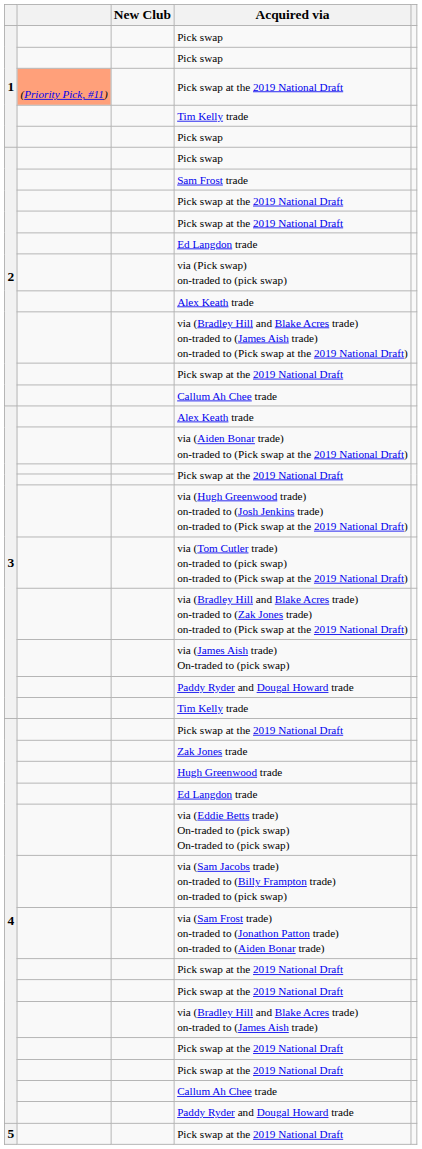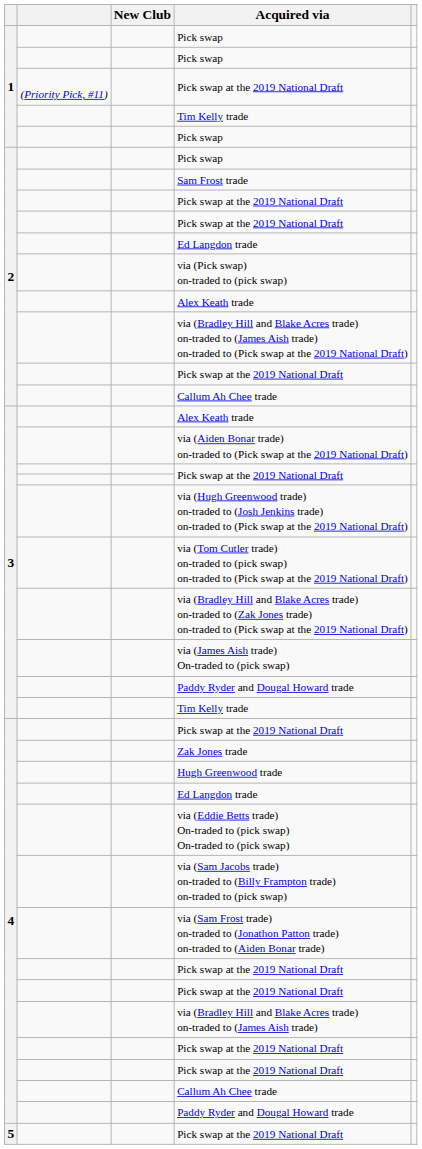 <table class="wikitable sortable plainrowheaders">
 <tr>
 <th scope="col"></th>
 <th scope="col"></th>
 <th scope="col">New Club</th>
 <th class="unsortable">Acquired via</th>
 <th class="unsortable"></th>
 </tr>
 <tr>
 <th scope="row" align=center rowspan=5>1</th>
 <td></td>
 <td></td>
 <td><small>Pick swap</small></td>
 <td align=center></td>
 </tr>
 <tr>
 <td></td>
 <td></td>
 <td><small>Pick swap</small></td>
 <td align=center></td>
 </tr>
 <tr>
-<td style="background: lightsalmon;"><br><small><em>(<a href='#'>Priority Pick, #11</a>)</em></small></td>
+<td><br><small><em>(<a href='#'>Priority Pick, #11</a>)</em></small></td>
 <td></td>
 <td><small>Pick swap at the <a href='#'>2019 National Draft</a></small></td>
 <td align=center></td>
 </tr>
 <tr>
 <td></td>
 <td></td>
 <td><small><a href='#'>Tim Kelly</a> trade</small></td>
 <td align=center></td>
 </tr>
 <tr>
 <td></td>
 <td></td>
 <td><small>Pick swap</small></td>
 <td align=center></td>
 </tr>
 <tr>
 <th scope="row" rowspan=10>2</th>
 <td></td>
 <td></td>
 <td><small>Pick swap</small></td>
 <td align=center></td>
 </tr>
 <tr>
 <td></td>
 <td></td>
 <td><small><a href='#'>Sam Frost</a> trade</small></td>
 <td align=center></td>
 </tr>
 <tr>
 <td></td>
 <td></td>
 <td><small>Pick swap at the <a href='#'>2019 National Draft</a></small></td>
 <td align=center></td>
 </tr>
 <tr>
 <td></td>
 <td></td>
 <td><small>Pick swap at the <a href='#'>2019 National Draft</a></small></td>
 <td align=center></td>
 </tr>
 <tr>
 <td></td>
 <td></td>
 <td><small><a href='#'>Ed Langdon</a> trade</small></td>
 <td align=center></td>
 </tr>
 <tr>
 <td></td>
 <td></td>
 <td><small>via  (Pick swap)<br>on-traded to  (pick swap)</small></td>
 <td align=center><br></td>
 </tr>
 <tr>
 <td></td>
 <td></td>
 <td><small><a href='#'>Alex Keath</a> trade</small></td>
 <td align=center></td>
 </tr>
 <tr>
 <td></td>
 <td></td>
 <td><small>via  (<a href='#'>Bradley Hill</a> and <a href='#'>Blake Acres</a> trade)<br>on-traded to  (<a href='#'>James Aish</a> trade)<br>on-traded to  (Pick swap at the <a href='#'>2019 National Draft</a>)</small></td>
 <td align=center><br></td>
 </tr>
 <tr>
 <td></td>
 <td></td>
 <td><small>Pick swap at the <a href='#'>2019 National Draft</a></small></td>
 <td align=center></td>
 </tr>
 <tr>
 <td></td>
 <td></td>
 <td><small><a href='#'>Callum Ah Chee</a> trade</small></td>
 <td align=center></td>
 </tr>
 <tr>
 <th rowspan=10 scope="row">3</th>
 <td></td>
 <td></td>
 <td><small><a href='#'>Alex Keath</a> trade</small></td>
 <td align=center></td>
 </tr>
 <tr>
 <td></td>
 <td></td>
 <td><small>via  (<a href='#'>Aiden Bonar</a> trade)<br>on-traded to  (Pick swap at the <a href='#'>2019 National Draft</a>)</small></td>
 <td align=center><br></td>
 </tr>
 <tr>
 <td></td>
 <td></td>
 <td rowspan=2><small>Pick swap at the <a href='#'>2019 National Draft</a></small></td>
 <td rowspan="2" style="text-align:center;"></td>
 </tr>
 <tr>
 <td></td>
 <td></td>
 </tr>
 <tr>
 <td></td>
 <td></td>
 <td><small>via  (<a href='#'>Hugh Greenwood</a> trade)<br>on-traded to  (<a href='#'>Josh Jenkins</a> trade)<br>on-traded to  (Pick swap at the <a href='#'>2019 National Draft</a>)</small></td>
 <td align=center><br><br></td>
 </tr>
 <tr>
 <td></td>
 <td></td>
 <td><small>via  (<a href='#'>Tom Cutler</a> trade)<br>on-traded to  (pick swap)<br>on-traded to  (Pick swap at the <a href='#'>2019 National Draft</a>)</small></td>
 <td align=center><br><br></td>
 </tr>
 <tr>
 <td></td>
 <td></td>
 <td><small>via  (<a href='#'>Bradley Hill</a> and <a href='#'>Blake Acres</a> trade)<br>on-traded to  (<a href='#'>Zak Jones</a> trade)<br>on-traded to  (Pick swap at the <a href='#'>2019 National Draft</a>)</small></td>
 <td align=center><br><br></td>
 </tr>
 <tr>
 <td></td>
 <td></td>
 <td><small>via  (<a href='#'>James Aish</a> trade)<br>On-traded to  (pick swap)</small></td>
 <td align=center><br></td>
 </tr>
 <tr>
 <td></td>
 <td></td>
 <td><small><a href='#'>Paddy Ryder</a> and <a href='#'>Dougal Howard</a> trade</small></td>
 <td align=center></td>
 </tr>
 <tr>
 <td></td>
 <td></td>
 <td><small><a href='#'>Tim Kelly</a> trade</small></td>
 <td align=center></td>
 </tr>
 <tr>
 <th rowspan=14 scope="row">4</th>
 <td></td>
 <td></td>
 <td><small>Pick swap at the <a href='#'>2019 National Draft</a></small></td>
 <td align=center></td>
 </tr>
 <tr>
 <td></td>
 <td></td>
 <td><small><a href='#'>Zak Jones</a> trade</small></td>
 <td align=center></td>
 </tr>
 <tr>
 <td></td>
 <td></td>
 <td><small><a href='#'>Hugh Greenwood</a> trade</small></td>
 <td align=center></td>
 </tr>
 <tr>
 <td></td>
 <td></td>
 <td><small><a href='#'>Ed Langdon</a> trade</small></td>
 <td align=center></td>
 </tr>
 <tr>
 <td></td>
 <td></td>
 <td><small>via  (<a href='#'>Eddie Betts</a> trade)<br>On-traded to  (pick swap)<br>On-traded to  (pick swap)</small></td>
 <td align=center><br></td>
 </tr>
 <tr>
 <td></td>
 <td></td>
 <td><small>via  (<a href='#'>Sam Jacobs</a> trade)<br>on-traded to  (<a href='#'>Billy Frampton</a> trade)<br>on-traded to  (pick swap)</small></td>
 <td align=center><br><br></td>
 </tr>
 <tr>
 <td></td>
 <td></td>
 <td><small>via  (<a href='#'>Sam Frost</a> trade)<br>on-traded to  (<a href='#'>Jonathon Patton</a> trade)<br>on-traded to  (<a href='#'>Aiden Bonar</a> trade) </small></td>
 <td align="center"><br><br></td>
 </tr>
 <tr>
 <td></td>
 <td></td>
 <td><small>Pick swap at the <a href='#'>2019 National Draft</a></small></td>
 <td align=center></td>
 </tr>
 <tr>
 <td></td>
 <td></td>
 <td><small>Pick swap at the <a href='#'>2019 National Draft</a></small></td>
 <td align=center></td>
 </tr>
 <tr>
 <td></td>
 <td></td>
 <td><small>via  (<a href='#'>Bradley Hill</a> and <a href='#'>Blake Acres</a> trade)<br>on-traded to  (<a href='#'>James Aish</a> trade)</small></td>
 <td align=center><br></td>
 </tr>
 <tr>
 <td></td>
 <td></td>
 <td><small>Pick swap at the <a href='#'>2019 National Draft</a></small></td>
 <td align=center></td>
 </tr>
 <tr>
 <td></td>
 <td></td>
 <td><small>Pick swap at the <a href='#'>2019 National Draft</a></small></td>
 <td align=center></td>
 </tr>
 <tr>
 <td></td>
 <td></td>
 <td><small><a href='#'>Callum Ah Chee</a> trade</small></td>
 <td align=center></td>
 </tr>
 <tr>
 <td></td>
 <td></td>
 <td><small><a href='#'>Paddy Ryder</a> and <a href='#'>Dougal Howard</a> trade</small></td>
 <td align=center></td>
 </tr>
 <tr>
 <th scope="row">5</th>
 <td></td>
 <td></td>
 <td><small>Pick swap at the <a href='#'>2019 National Draft</a></small></td>
 <td align=center></td>
 </tr>
 </table>
